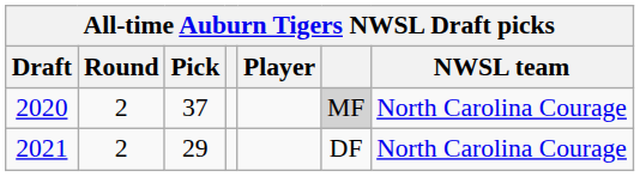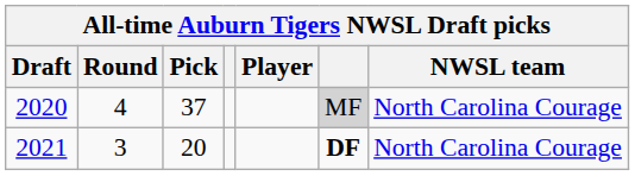 <table class="wikitable sortable" style="text-align: center;">
 <tr>
 <th colspan="7" style="background:#">All-time <a href='#'><span>Auburn Tigers</span></a> NWSL Draft picks</th>
 </tr>
 <tr>
 <th scope="col">Draft</th>
 <th scope="col">Round</th>
 <th scope="col">Pick</th>
 <th scope="col"></th>
 <th scope="col">Player</th>
 <th scope="col"></th>
 <th scope="col">NWSL team</th>
 </tr>
 <tr>
 <td><a href='#'>2020</a></td>
-<td>2</td>
+<td>4</td>
 <td>37</td>
 <td></td>
 <td></td>
 <td style="background: lightgrey;">MF</td>
 <td><a href='#'>North Carolina Courage</a></td>
 </tr>
 <tr>
 <td><a href='#'>2021</a></td>
-<td>2</td>
-<td>29</td>
+<td>3</td>
+<td>20</td>
 <td></td>
 <td></td>
-<td>DF</td>
+<td><strong>DF</strong></td>
 <td><a href='#'>North Carolina Courage</a></td>
 </tr>
 </table>
